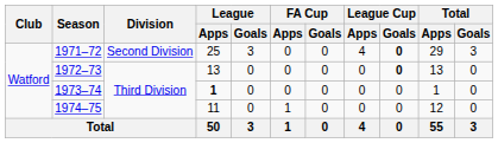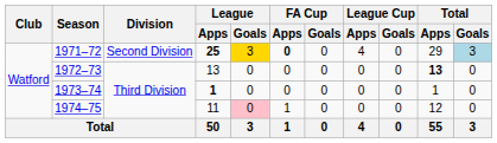 <table class="wikitable" style="text-align: center;">
 <tr>
 <th rowspan="2">Club</th>
 <th rowspan="2">Season</th>
 <th rowspan="2">Division</th>
 <th colspan="2">League</th>
 <th colspan="2">FA Cup</th>
 <th colspan="2">League Cup</th>
 <th colspan="2">Total</th>
 </tr>
 <tr>
 <th>Apps</th>
 <th>Goals</th>
 <th>Apps</th>
 <th>Goals</th>
 <th>Apps</th>
 <th>Goals</th>
 <th>Apps</th>
 <th>Goals</th>
 </tr>
 <tr>
 <td rowspan="4"><a href='#'>Watford</a></td>
 <td><a href='#'>1971–72</a></td>
 <td><a href='#'>Second Division</a></td>
-<td>25</td>
-<td>3</td>
-<td>0</td>
+<td><strong>25</strong></td>
+<td style="background: gold;">3</td>
+<td><strong>0</strong></td>
 <td>0</td>
 <td>4</td>
-<td><strong>0</strong></td>
+<td>0</td>
 <td>29</td>
-<td>3</td>
+<td style="background: lightblue;">3</td>
 </tr>
 <tr>
 <td><a href='#'>1972–73</a></td>
 <td rowspan="3"><a href='#'>Third Division</a></td>
 <td>13</td>
 <td>0</td>
 <td>0</td>
 <td>0</td>
 <td>0</td>
-<td><strong>0</strong></td>
-<td>13</td>
+<td>0</td>
+<td><strong>13</strong></td>
 <td>0</td>
 </tr>
 <tr>
 <td><a href='#'>1973–74</a></td>
 <td><strong>1</strong></td>
 <td>0</td>
 <td>0</td>
 <td>0</td>
 <td>0</td>
 <td>0</td>
 <td>1</td>
 <td>0</td>
 </tr>
 <tr>
 <td><a href='#'>1974–75</a></td>
 <td>11</td>
-<td>0</td>
+<td style="background: pink;">0</td>
 <td>1</td>
 <td>0</td>
 <td>0</td>
 <td>0</td>
 <td>12</td>
 <td>0</td>
 </tr>
 <tr>
 <th colspan="3">Total</th>
 <th>50</th>
 <th>3</th>
 <th>1</th>
 <th>0</th>
 <th>4</th>
 <th>0</th>
 <th>55</th>
 <th>3</th>
 </tr>
 </table>
